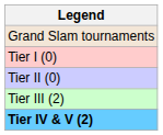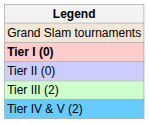 <table class="wikitable sortable mw-collapsible mw-collapsed">
 <tr>
 <th>Legend</th>
 </tr>
 <tr>
 <td align=center colspan=2 bgcolor=#f3e6d7>Grand Slam tournaments</td>
 </tr>
 <tr>
-<td style="background:#ffcccc;">Tier I (0)</td>
+<td style="background:#ffcccc;"><strong>Tier I (0)</strong></td>
 </tr>
 <tr>
 <td style="background:#ccccff;">Tier II (0)</td>
 </tr>
 <tr>
 <td style="background:#ccffcc;">Tier III (2)</td>
 </tr>
 <tr>
-<td style="background:#66ccff;"><strong>Tier IV & V (2)</strong></td>
+<td style="background:#66ccff;">Tier IV & V (2)</td>
 </tr>
 </table>
